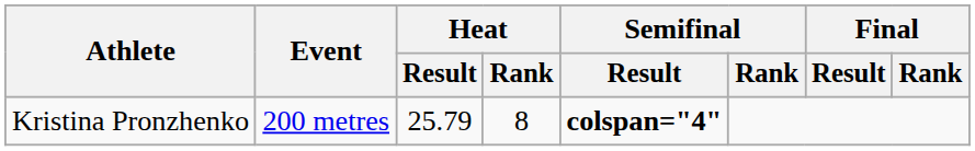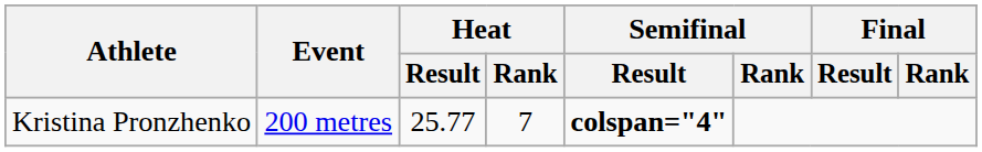 <table class="wikitable" style="font-size:90%">
 <tr>
 <th rowspan="2">Athlete</th>
 <th rowspan="2">Event</th>
 <th colspan="2">Heat</th>
 <th colspan="2">Semifinal</th>
 <th colspan="2">Final</th>
 </tr>
 <tr style="font-size:95%">
 <th>Result</th>
 <th>Rank</th>
 <th>Result</th>
 <th>Rank</th>
 <th>Result</th>
 <th>Rank</th>
 </tr>
 <tr style=text-align:center>
 <td style=text-align:left>Kristina Pronzhenko</td>
 <td style=text-align:left><a href='#'>200 metres</a></td>
-<td>25.79</td>
-<td>8</td>
+<td>25.77</td>
+<td>7</td>
 <td><strong>colspan="4" </strong></td>
 </tr>
 </table>
